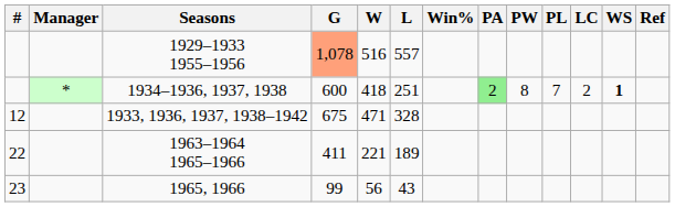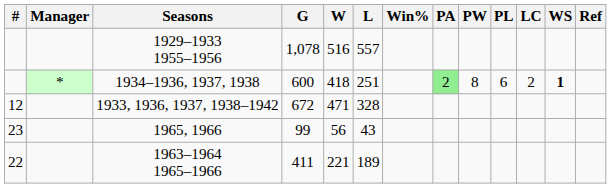 <table class="wikitable sortable plainrowheaders" style="text-align:center">
 <tr>
 <th scope="col">#</th>
 <th scope="col">Manager</th>
 <th scope="col">Seasons</th>
 <th scope="col">G</th>
 <th scope="col">W</th>
 <th scope="col">L</th>
 <th scope="col">Win%</th>
 <th scope="col">PA</th>
 <th scope="col">PW</th>
 <th scope="col">PL</th>
 <th scope="col">LC</th>
 <th scope="col">WS</th>
 <th scope="col" class="unsortable">Ref</th>
 </tr>
 <tr>
 <td align="center"></td>
 <td></td>
 <td>1929–1933<br>1955–1956</td>
-<td style="background: lightsalmon;">1,078</td>
+<td>1,078</td>
 <td>516</td>
 <td>557</td>
 <td></td>
 <td></td>
 <td></td>
 <td></td>
 <td></td>
 <td></td>
 <td></td>
 </tr>
 <tr>
 <td align="center"></td>
 <td style="background-color:#ccffcc">*</td>
 <td>1934–1936, 1937, 1938</td>
 <td>600</td>
 <td>418</td>
 <td>251</td>
 <td></td>
 <td style="background: lightgreen;">2</td>
 <td>8</td>
-<td>7</td>
+<td>6</td>
 <td>2</td>
 <td><strong>1</strong></td>
 <td></td>
 </tr>
 <tr>
 <td align="center">12</td>
 <td></td>
 <td>1933, 1936, 1937, 1938–1942</td>
-<td>675</td>
+<td>672</td>
 <td>471</td>
 <td>328</td>
+<td></td>
+<td></td>
+<td></td>
+<td></td>
+<td></td>
+<td></td>
+<td></td>
+</tr>
+<tr>
+<td align="center">23</td>
+<td></td>
+<td>1965, 1966</td>
+<td>99</td>
+<td>56</td>
+<td>43</td>
 <td></td>
 <td></td>
 <td></td>
 <td></td>
 <td></td>
 <td></td>
 <td></td>
 </tr>
 <tr>
 <td align="center">22</td>
 <td></td>
 <td>1963–1964<br>1965–1966</td>
 <td>411</td>
 <td>221</td>
 <td>189</td>
 <td></td>
 <td></td>
 <td></td>
 <td></td>
 <td></td>
 <td></td>
 <td></td>
 </tr>
-<tr>
-<td align="center">23</td>
-<td></td>
-<td>1965, 1966</td>
-<td>99</td>
-<td>56</td>
-<td>43</td>
-<td></td>
-<td></td>
-<td></td>
-<td></td>
-<td></td>
-<td></td>
-<td></td>
-</tr>
 </table>
